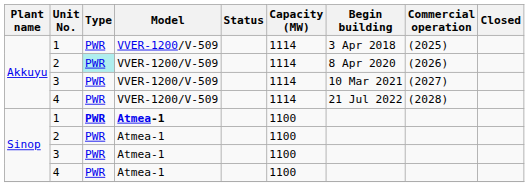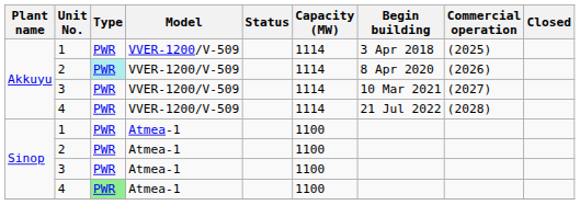 <table class="wikitable sortable mw-datatable">
 <tr>
 <th>Plant<br>name</th>
 <th>Unit<br>No.</th>
 <th>Type</th>
 <th>Model</th>
 <th>Status</th>
 <th>Capacity<br>(MW)</th>
 <th>Begin<br>building</th>
 <th>Commercial<br>operation</th>
 <th>Closed</th>
 </tr>
 <tr>
 <td rowspan=4><a href='#'>Akkuyu</a></td>
 <td>1</td>
 <td><a href='#'>PWR</a></td>
 <td><a href='#'>VVER-1200</a>/V-509</td>
 <td></td>
 <td>1114</td>
 <td>3 Apr 2018</td>
 <td>(2025)</td>
 <td></td>
 </tr>
 <tr>
 <td>2</td>
 <td style="background: paleturquoise;"><a href='#'>PWR</a></td>
 <td>VVER-1200/V-509</td>
 <td></td>
 <td>1114</td>
 <td>8 Apr 2020</td>
 <td>(2026)</td>
 <td></td>
 </tr>
 <tr>
 <td>3</td>
 <td><a href='#'>PWR</a></td>
 <td>VVER-1200/V-509</td>
 <td></td>
 <td>1114</td>
 <td>10 Mar 2021</td>
 <td>(2027)</td>
 <td></td>
 </tr>
 <tr>
 <td>4</td>
 <td><a href='#'>PWR</a></td>
 <td>VVER-1200/V-509</td>
 <td></td>
 <td>1114</td>
 <td>21 Jul 2022</td>
 <td>(2028)</td>
 <td></td>
 </tr>
 <tr>
 <td rowspan=4><a href='#'>Sinop</a></td>
 <td>1</td>
-<td><strong><a href='#'>PWR</a></strong></td>
-<td><strong><a href='#'>Atmea</a>-1</strong></td>
+<td><a href='#'>PWR</a></td>
+<td><a href='#'>Atmea</a>-1</td>
 <td></td>
 <td>1100</td>
 <td></td>
 <td></td>
 <td></td>
 </tr>
 <tr>
 <td>2</td>
 <td><a href='#'>PWR</a></td>
 <td>Atmea-1</td>
 <td></td>
 <td>1100</td>
 <td></td>
 <td></td>
 <td></td>
 </tr>
 <tr>
 <td>3</td>
 <td><a href='#'>PWR</a></td>
 <td>Atmea-1</td>
 <td></td>
 <td>1100</td>
 <td></td>
 <td></td>
 <td></td>
 </tr>
 <tr>
 <td>4</td>
-<td><a href='#'>PWR</a></td>
+<td style="background: lightgreen;"><a href='#'>PWR</a></td>
 <td>Atmea-1</td>
 <td></td>
 <td>1100</td>
 <td></td>
 <td></td>
 <td></td>
 </tr>
 <tr>
 </tr>
 </table>
